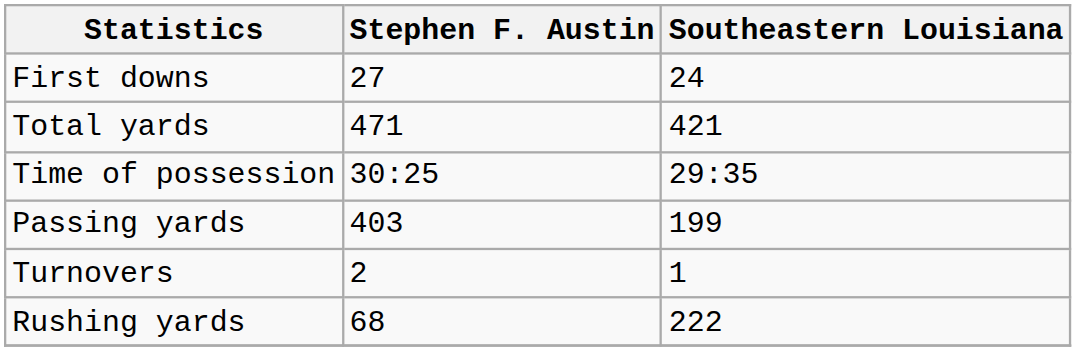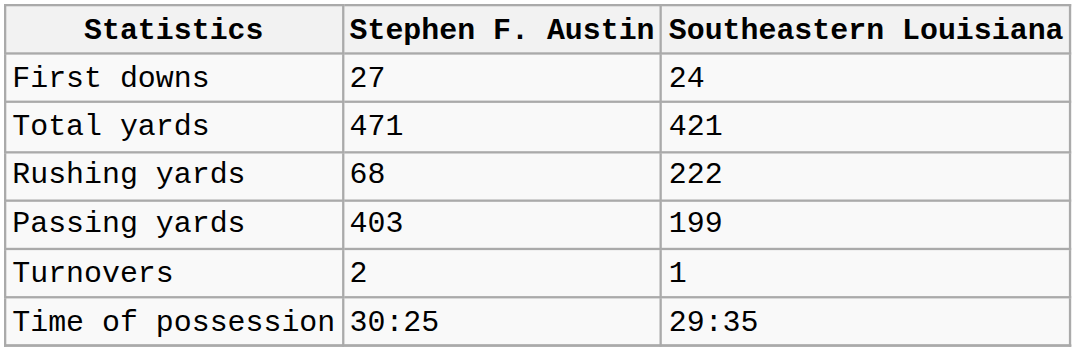 <table class="wikitable">
 <tr>
 <th>Statistics</th>
 <th>Stephen F. Austin</th>
 <th>Southeastern Louisiana</th>
 </tr>
 <tr>
 <td>First downs</td>
 <td>27</td>
 <td>24</td>
 </tr>
 <tr>
 <td>Total yards</td>
 <td>471</td>
 <td>421</td>
 </tr>
 <tr>
-<td>Time of possession</td>
-<td>30:25</td>
-<td>29:35</td>
+<td>Rushing yards</td>
+<td>68</td>
+<td>222</td>
 </tr>
 <tr>
 <td>Passing yards</td>
 <td>403</td>
 <td>199</td>
 </tr>
 <tr>
 <td>Turnovers</td>
 <td>2</td>
 <td>1</td>
 </tr>
 <tr>
-<td>Rushing yards</td>
-<td>68</td>
-<td>222</td>
+<td>Time of possession</td>
+<td>30:25</td>
+<td>29:35</td>
 </tr>
 <tr>
 </tr>
 </table>
